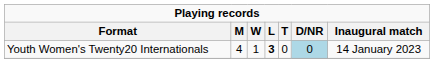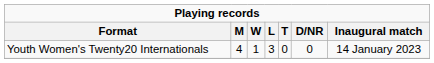 <table class="wikitable" style="text-align: center; width: 600px">
 <tr>
 <td colspan=7 align="center"><strong>Playing records</strong></td>
 </tr>
 <tr>
 <th>Format</th>
 <th>M</th>
 <th>W</th>
 <th>L</th>
 <th>T</th>
 <th>D/NR</th>
 <th>Inaugural match</th>
 </tr>
 <tr>
 <td align="left">Youth Women's Twenty20 Internationals</td>
 <td>4</td>
 <td>1</td>
-<td><strong>3</strong></td>
+<td>3</td>
 <td>0</td>
-<td style="background: lightblue;">0</td>
+<td>0</td>
 <td>14 January 2023</td>
 </tr>
 <tr>
 </tr>
 </table>
